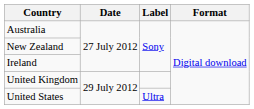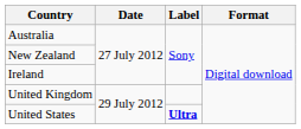 <table class="wikitable">
 <tr>
 <th>Country</th>
 <th>Date</th>
 <th>Label</th>
 <th>Format</th>
 </tr>
 <tr>
 <td>Australia</td>
 <td rowspan=3>27 July 2012</td>
 <td rowspan=3><a href='#'>Sony</a></td>
 <td rowspan=5><a href='#'>Digital download</a></td>
 </tr>
 <tr>
 <td>New Zealand</td>
 </tr>
 <tr>
 <td>Ireland</td>
 </tr>
 <tr>
 <td>United Kingdom</td>
 <td rowspan=2>29 July 2012</td>
 <td></td>
 </tr>
 <tr>
 <td>United States</td>
-<td><a href='#'>Ultra</a></td>
+<td><strong><a href='#'>Ultra</a></strong></td>
 </tr>
 </table>
